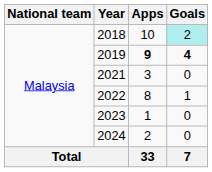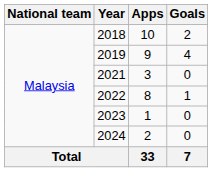 <table class=wikitable style="text-align: center;">
 <tr>
 <th>National team</th>
 <th>Year</th>
 <th>Apps</th>
 <th>Goals</th>
 </tr>
 <tr>
 <td rowspan=6><a href='#'>Malaysia</a></td>
 <td>2018</td>
 <td>10</td>
-<td style="background: paleturquoise;">2</td>
+<td>2</td>
 </tr>
 <tr>
 <td>2019</td>
-<td><strong>9</strong></td>
-<td><strong>4</strong></td>
+<td>9</td>
+<td>4</td>
 </tr>
 <tr>
 <td>2021</td>
 <td>3</td>
 <td>0</td>
 </tr>
 <tr>
 <td>2022</td>
 <td>8</td>
 <td>1</td>
 </tr>
 <tr>
 <td>2023</td>
 <td>1</td>
 <td>0</td>
 </tr>
 <tr>
 <td>2024</td>
 <td>2</td>
 <td>0</td>
 </tr>
 <tr>
 <th colspan=2>Total</th>
 <th>33</th>
 <th>7</th>
 </tr>
 </table>
